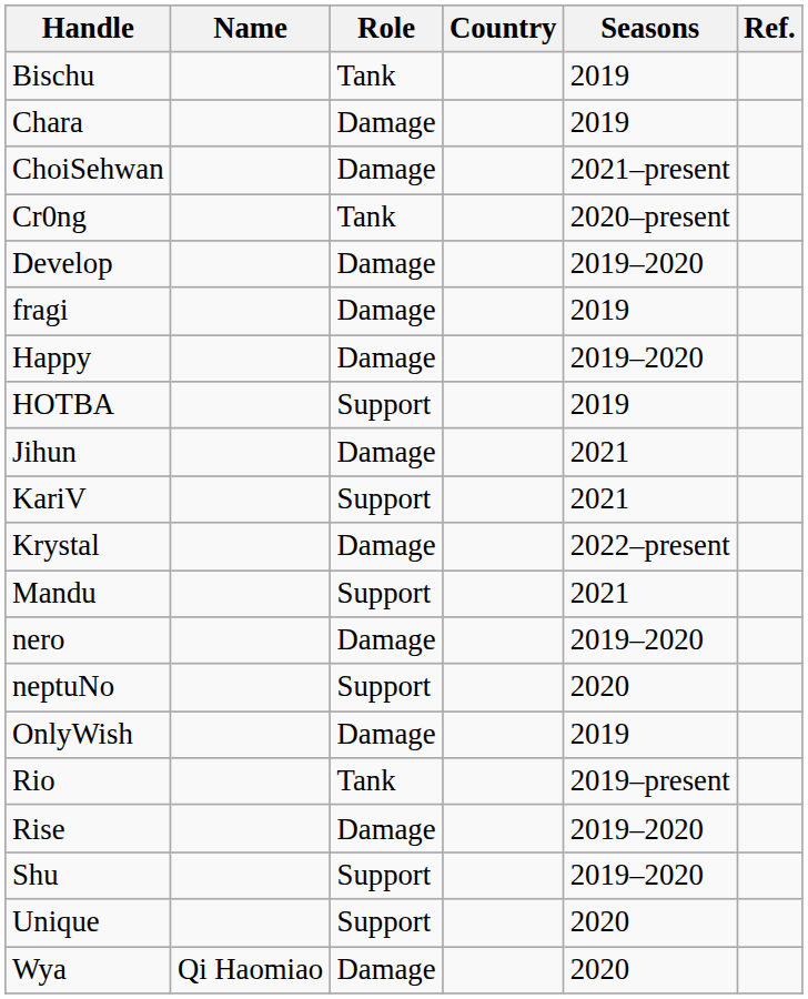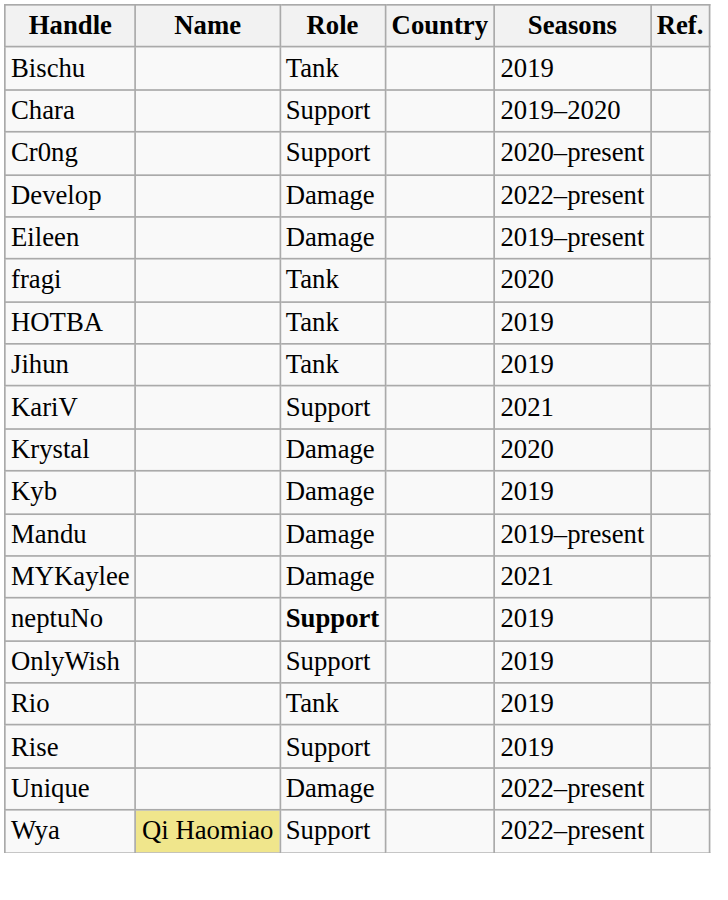 <table class="wikitable sortable" style="text-align:left;">
 <tr>
 <th style="background-color:#">Handle</th>
 <th style="background-color:#">Name</th>
 <th style="background-color:#">Role</th>
 <th style="background-color:#">Country</th>
 <th style="background-color:#">Seasons</th>
 <th style="background-color:#">Ref.</th>
 </tr>
 <tr>
 <td>Bischu</td>
 <td></td>
 <td>Tank</td>
 <td></td>
 <td>2019</td>
 <td></td>
 </tr>
 <tr>
 <td>Chara</td>
 <td></td>
-<td>Damage</td>
+<td>Support</td>
 <td></td>
-<td>2019</td>
-<td></td>
-</tr>
-<tr>
-<td>ChoiSehwan</td>
-<td></td>
-<td>Damage</td>
-<td></td>
-<td>2021–present</td>
+<td>2019–2020</td>
 <td></td>
 </tr>
 <tr>
 <td>Cr0ng</td>
 <td></td>
-<td>Tank</td>
+<td>Support</td>
 <td></td>
 <td>2020–present</td>
 <td></td>
 </tr>
 <tr>
 <td>Develop</td>
 <td></td>
 <td>Damage</td>
 <td></td>
-<td>2019–2020</td>
+<td>2022–present</td>
+<td></td>
+</tr>
+<tr>
+<td>Eileen</td>
+<td></td>
+<td>Damage</td>
+<td></td>
+<td>2019–present</td>
 <td></td>
 </tr>
 <tr>
 <td>fragi</td>
 <td></td>
-<td>Damage</td>
+<td>Tank</td>
 <td></td>
-<td>2019</td>
-<td></td>
-</tr>
-<tr>
-<td>Happy</td>
-<td></td>
-<td>Damage</td>
-<td></td>
-<td>2019–2020</td>
+<td>2020</td>
 <td></td>
 </tr>
 <tr>
 <td>HOTBA</td>
 <td></td>
-<td>Support</td>
+<td>Tank</td>
 <td></td>
 <td>2019</td>
 <td></td>
 </tr>
 <tr>
 <td>Jihun</td>
 <td></td>
-<td>Damage</td>
+<td>Tank</td>
 <td></td>
-<td>2021</td>
+<td>2019</td>
 <td></td>
 </tr>
 <tr>
 <td>KariV</td>
 <td></td>
 <td>Support</td>
 <td></td>
 <td>2021</td>
 <td></td>
 </tr>
 <tr>
 <td>Krystal</td>
 <td></td>
 <td>Damage</td>
 <td></td>
-<td>2022–present</td>
+<td>2020</td>
+<td></td>
+</tr>
+<tr>
+<td>Kyb</td>
+<td></td>
+<td>Damage</td>
+<td></td>
+<td>2019</td>
 <td></td>
 </tr>
 <tr>
 <td>Mandu</td>
 <td></td>
-<td>Support</td>
+<td>Damage</td>
+<td></td>
+<td>2019–present</td>
+<td></td>
+</tr>
+<tr>
+<td>MYKaylee</td>
+<td></td>
+<td>Damage</td>
 <td></td>
 <td>2021</td>
 <td></td>
 </tr>
 <tr>
-<td>nero</td>
-<td></td>
-<td>Damage</td>
-<td></td>
-<td>2019–2020</td>
-<td></td>
-</tr>
-<tr>
 <td>neptuNo</td>
 <td></td>
-<td>Support</td>
+<td><strong>Support</strong></td>
 <td></td>
-<td>2020</td>
+<td>2019</td>
 <td></td>
 </tr>
 <tr>
 <td>OnlyWish</td>
 <td></td>
-<td>Damage</td>
+<td>Support</td>
 <td></td>
 <td>2019</td>
 <td></td>
 </tr>
 <tr>
 <td>Rio</td>
 <td></td>
 <td>Tank</td>
 <td></td>
-<td>2019–present</td>
+<td>2019</td>
 <td></td>
 </tr>
 <tr>
 <td>Rise</td>
 <td></td>
-<td>Damage</td>
-<td></td>
-<td>2019–2020</td>
-<td></td>
-</tr>
-<tr>
-<td>Shu</td>
-<td></td>
 <td>Support</td>
 <td></td>
-<td>2019–2020</td>
+<td>2019</td>
 <td></td>
 </tr>
 <tr>
 <td>Unique</td>
 <td></td>
-<td>Support</td>
+<td>Damage</td>
 <td></td>
-<td>2020</td>
+<td>2022–present</td>
 <td></td>
 </tr>
 <tr>
 <td>Wya</td>
-<td>Qi Haomiao</td>
-<td>Damage</td>
+<td style="background: khaki;">Qi Haomiao</td>
+<td>Support</td>
 <td></td>
-<td>2020</td>
+<td>2022–present</td>
 <td></td>
 </tr>
 </table>
